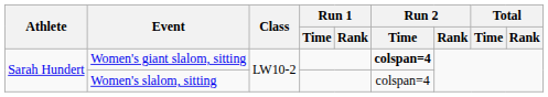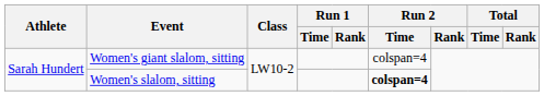 <table class="wikitable" style="font-size:90%; text-align:center">
 <tr>
 <th rowspan=2>Athlete</th>
 <th rowspan=2>Event</th>
 <th rowspan=2>Class</th>
 <th colspan=2>Run 1</th>
 <th colspan=2>Run 2</th>
 <th colspan=2>Total</th>
 </tr>
 <tr>
 <th>Time</th>
 <th>Rank</th>
 <th>Time</th>
 <th>Rank</th>
 <th>Time</th>
 <th>Rank</th>
 </tr>
 <tr>
 <td align=left rowspan=2><a href='#'>Sarah Hundert</a></td>
 <td align=left><a href='#'>Women's giant slalom, sitting</a></td>
 <td align=left rowspan=2>LW10-2</td>
 <td colspan=2></td>
-<td><strong>colspan=4 </strong></td>
+<td>colspan=4 </td>
 </tr>
 <tr>
 <td align=left><a href='#'>Women's slalom, sitting</a></td>
 <td colspan=2></td>
-<td>colspan=4 </td>
+<td><strong>colspan=4 </strong></td>
 </tr>
 </table>
